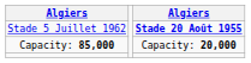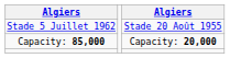 <table class="wikitable" style="margin:1em auto; text-align:center;">
 <tr>
 <th><a href='#'>Algiers</a></th>
 <td rowspan="4"></td>
 <th><a href='#'>Algiers</a></th>
 </tr>
 <tr>
 <td><a href='#'>Stade 5 Juillet 1962</a></td>
-<td><strong><a href='#'>Stade 20 Août 1955</a></strong></td>
+<td><a href='#'>Stade 20 Août 1955</a></td>
 </tr>
 <tr>
 <td>Capacity: <strong>85,000</strong></td>
 <td>Capacity: <strong>20,000</strong></td>
 </tr>
 <tr>
 <td></td>
 <td></td>
 </tr>
 </table>
